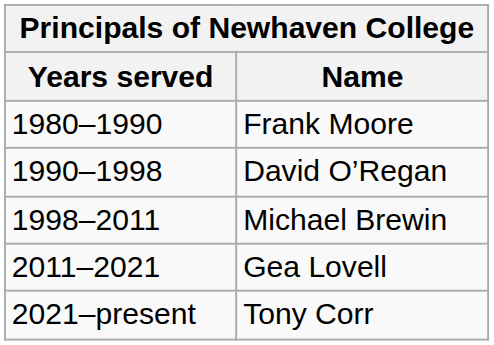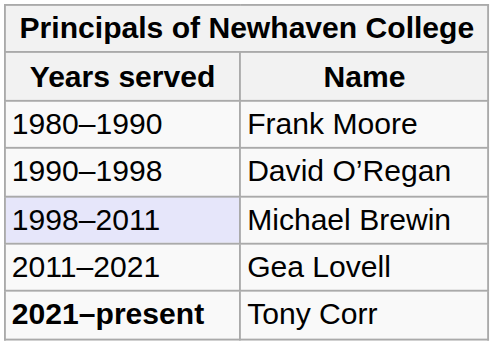 <table class="wikitable">
 <tr>
 <th colspan=4 width=250>Principals of Newhaven College</th>
 </tr>
 <tr>
 <th>Years served</th>
 <th>Name</th>
 </tr>
 <tr>
 <td>1980–1990</td>
 <td>Frank Moore</td>
 </tr>
 <tr>
 <td>1990–1998</td>
 <td>David O’Regan</td>
 </tr>
 <tr>
-<td>1998–2011</td>
+<td style="background: lavender;">1998–2011</td>
 <td>Michael Brewin</td>
 </tr>
 <tr>
 <td>2011–2021</td>
 <td>Gea Lovell</td>
 </tr>
 <tr>
-<td>2021–present</td>
+<td><strong>2021–present</strong></td>
 <td>Tony Corr</td>
 </tr>
 </table>
